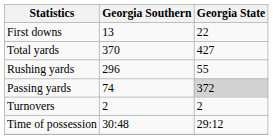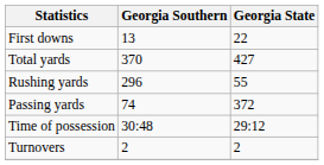 <table class="wikitable">
 <tr>
 <th>Statistics</th>
 <th>Georgia Southern</th>
 <th>Georgia State</th>
 </tr>
 <tr>
 <td>First downs</td>
 <td>13</td>
 <td>22</td>
 </tr>
 <tr>
 <td>Total yards</td>
 <td>370</td>
 <td>427</td>
 </tr>
 <tr>
 <td>Rushing yards</td>
 <td>296</td>
 <td>55</td>
 </tr>
 <tr>
 <td>Passing yards</td>
 <td>74</td>
-<td style="background: lightgrey;">372</td>
+<td>372</td>
+</tr>
+<tr>
+<td>Time of possession</td>
+<td>30:48</td>
+<td>29:12</td>
 </tr>
 <tr>
 <td>Turnovers</td>
 <td>2</td>
 <td>2</td>
 </tr>
 <tr>
-<td>Time of possession</td>
-<td>30:48</td>
-<td>29:12</td>
-</tr>
-<tr>
 </tr>
 </table>
